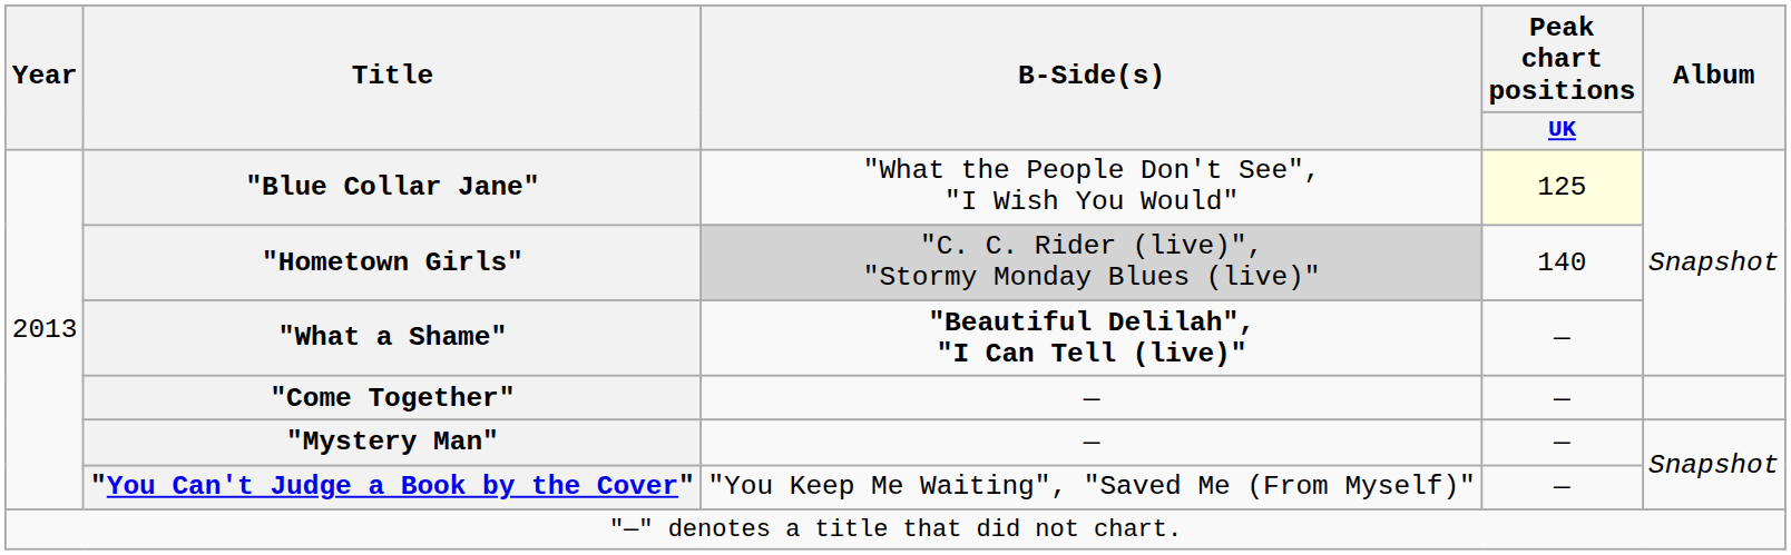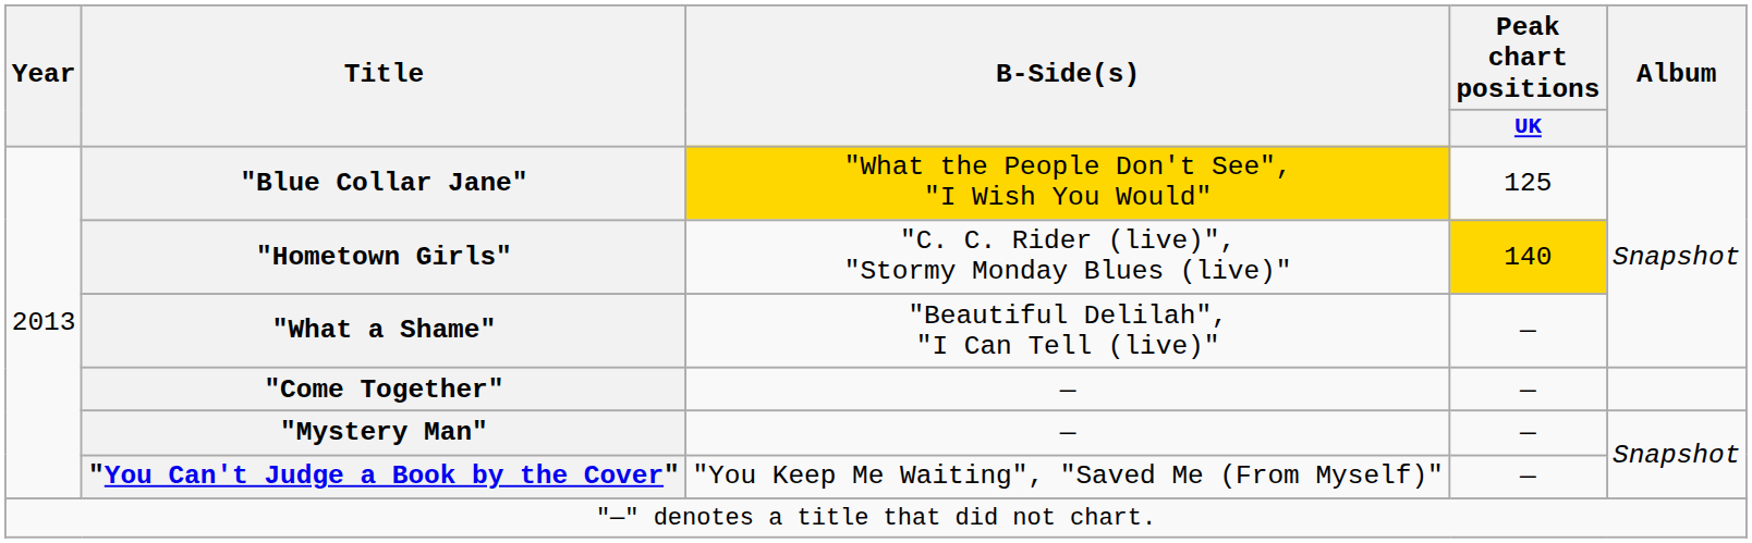 <table class="wikitable plainrowheaders" style="text-align:center;" border="1">
 <tr>
 <th scope="col" rowspan="2">Year</th>
 <th scope="col" rowspan="2">Title</th>
 <th scope="col" rowspan="2">B-Side(s)</th>
 <th scope="col" colspan="1">Peak chart positions</th>
 <th scope="col" rowspan="2">Album</th>
 </tr>
 <tr>
 <th scope="col" style="width:3em;font-size:85%;"><a href='#'>UK</a><br></th>
 </tr>
 <tr>
 <td style="text-align:center;" rowspan="6">2013</td>
 <th scope="row">"Blue Collar Jane"</th>
-<td>"What the People Don't See",<br>"I Wish You Would"</td>
-<td style="background: lightyellow;">125</td>
+<td style="background: gold;">"What the People Don't See",<br>"I Wish You Would"</td>
+<td>125</td>
 <td style="text-align:center;" rowspan="3"><em>Snapshot</em></td>
 </tr>
 <tr>
 <th scope="row">"Hometown Girls"</th>
-<td style="background: lightgrey;">"C. C. Rider (live)",<br>"Stormy Monday Blues (live)"</td>
-<td>140</td>
+<td>"C. C. Rider (live)",<br>"Stormy Monday Blues (live)"</td>
+<td style="background: gold;">140</td>
 </tr>
 <tr>
 <th scope="row">"What a Shame"</th>
-<td><strong>"Beautiful Delilah",<br>"I Can Tell (live)"</strong></td>
+<td>"Beautiful Delilah",<br>"I Can Tell (live)"</td>
 <td>—</td>
 </tr>
 <tr>
 <th scope="row">"Come Together"</th>
 <td>—</td>
 <td>—</td>
 <td></td>
 </tr>
 <tr>
 <th scope="row">"Mystery Man"</th>
 <td>—</td>
 <td>—</td>
 <td style="text-align:center;" rowspan="2"><em>Snapshot</em></td>
 </tr>
 <tr>
 <th scope="row">"<a href='#'>You Can't Judge a Book by the Cover</a>"</th>
 <td>"You Keep Me Waiting", "Saved Me (From Myself)"</td>
 <td>—</td>
 </tr>
 <tr>
 <td colspan="5" style="font-size:90%">"—" denotes a title that did not chart.</td>
 </tr>
 </table>
